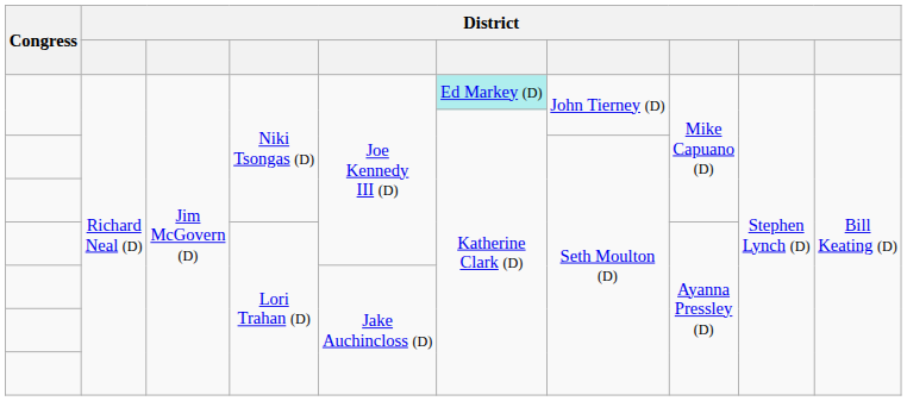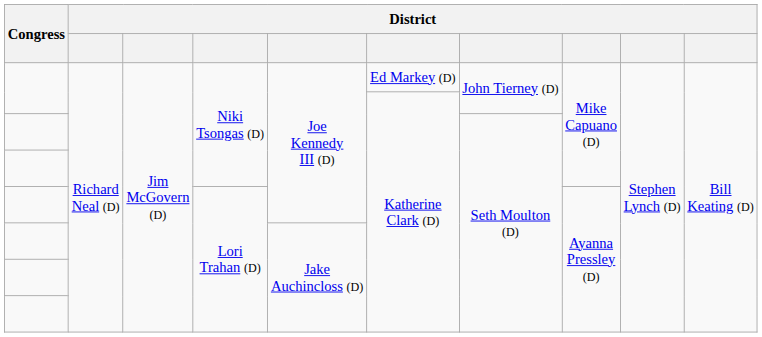 <table class=wikitable style="text-align:center">
 <tr style="height:2em">
 <th rowspan=2>Congress</th>
 <th colspan=9>District</th>
 </tr>
 <tr style="height:2em">
 <th></th>
 <th></th>
 <th></th>
 <th></th>
 <th></th>
 <th></th>
 <th></th>
 <th></th>
 <th></th>
 </tr>
 <tr style="height:2em">
 <td rowspan=2><strong></strong> </td>
 <td rowspan=8 ><a href='#'>Richard<br>Neal</a> <small>(D)</small></td>
 <td rowspan=8 ><a href='#'>Jim<br>McGovern</a><br><small>(D)</small></td>
 <td rowspan=4 ><a href='#'>Niki<br>Tsongas</a> <small>(D)</small></td>
 <td rowspan=5 ><a href='#'>Joe<br>Kennedy<br>III</a> <small>(D)</small></td>
-<td style="background: paleturquoise;"><a href='#'>Ed Markey</a> <small>(D)</small></td>
+<td><a href='#'>Ed Markey</a> <small>(D)</small></td>
 <td rowspan=2 ><a href='#'>John Tierney</a> <small>(D)</small></td>
 <td rowspan=4 ><a href='#'>Mike<br>Capuano</a><br><small>(D)</small></td>
 <td rowspan=8 ><a href='#'>Stephen<br>Lynch</a> <small>(D)</small></td>
 <td rowspan=8 ><a href='#'>Bill<br>Keating</a> <small>(D)</small></td>
 </tr>
 <tr style="height:1.5em">
 <td rowspan=7 ><a href='#'>Katherine<br>Clark</a> <small>(D)</small></td>
 </tr>
 <tr style="height:2.5em">
 <td><strong></strong> </td>
 <td rowspan=6 ><a href='#'>Seth Moulton</a><br><small>(D)</small></td>
 </tr>
 <tr style="height:2.5em">
 <td><strong></strong> </td>
 </tr>
 <tr style="height:2.5em">
 <td><strong></strong> </td>
 <td rowspan=4 ><a href='#'>Lori<br>Trahan</a> <small>(D)</small></td>
 <td rowspan=4 ><a href='#'>Ayanna<br>Pressley</a><br><small>(D)</small></td>
 </tr>
 <tr style="height:2.5em">
 <td><strong></strong> </td>
 <td rowspan=3 ><a href='#'>Jake<br>Auchincloss</a> <small>(D)</small></td>
 </tr>
 <tr style="height:2.5em">
 <td><strong></strong> </td>
 </tr>
 <tr style="height:2.5em">
 <td><strong></strong> </td>
 </tr>
 </table>
